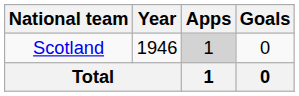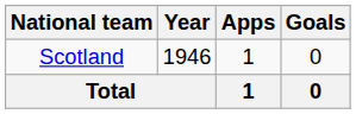 <table class="wikitable" style="text-align:center">
 <tr>
 <th>National team</th>
 <th>Year</th>
 <th>Apps</th>
 <th>Goals</th>
 </tr>
 <tr>
 <td><a href='#'>Scotland</a></td>
 <td>1946</td>
-<td style="background: lightgrey;">1</td>
+<td>1</td>
 <td>0</td>
 </tr>
 <tr>
 <th colspan="2">Total</th>
 <th>1</th>
 <th>0</th>
 </tr>
 </table>
